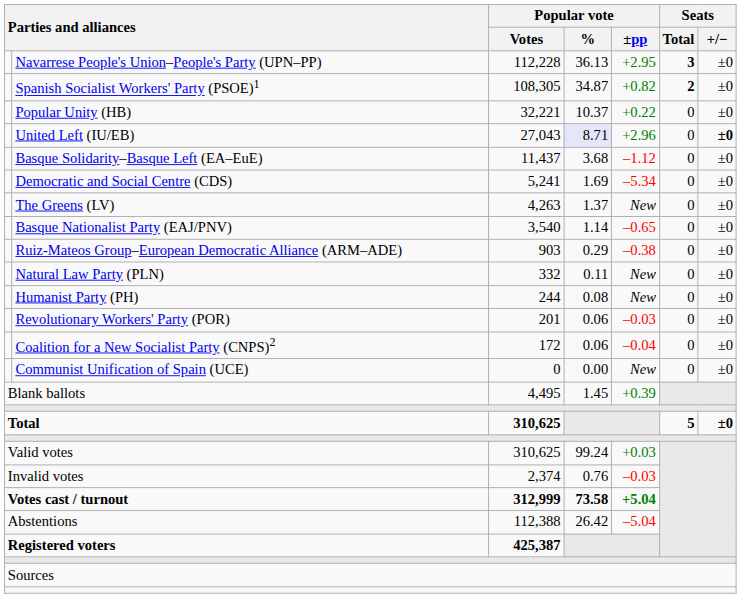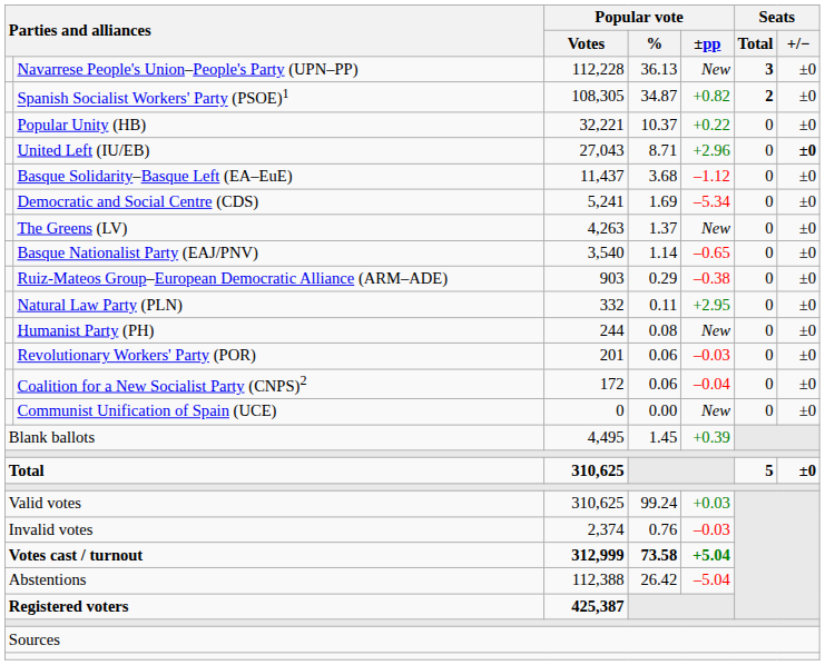 <table class="wikitable" style="text-align:right;">
 <tr>
 <th style="text-align:left;" rowspan="2" colspan="2" width="525">Parties and alliances</th>
 <th colspan="3">Popular vote</th>
 <th colspan="2">Seats</th>
 </tr>
 <tr>
 <th width="75">Votes</th>
 <th width="45">%</th>
 <th width="45">±<a href='#'>pp</a></th>
 <th width="35">Total</th>
 <th width="35">+/−</th>
 </tr>
 <tr>
 <td width="1" style="color:inherit;background:"></td>
 <td align="left"><a href='#'>Navarrese People's Union</a>–<a href='#'>People's Party</a> (UPN–PP)</td>
 <td>112,228</td>
 <td>36.13</td>
-<td style="color:green;">+2.95</td>
+<td><em>New</em></td>
 <td><strong>3</strong></td>
 <td>±0</td>
 </tr>
 <tr>
 <td style="color:inherit;background:"></td>
 <td align="left"><a href='#'>Spanish Socialist Workers' Party</a> (PSOE)<sup>1</sup></td>
 <td>108,305</td>
 <td>34.87</td>
 <td style="color:green;">+0.82</td>
 <td><strong>2</strong></td>
 <td>±0</td>
 </tr>
 <tr>
 <td style="color:inherit;background:"></td>
 <td align="left"><a href='#'>Popular Unity</a> (HB)</td>
 <td>32,221</td>
 <td>10.37</td>
 <td style="color:green;">+0.22</td>
 <td>0</td>
 <td>±0</td>
 </tr>
 <tr>
 <td style="color:inherit;background:"></td>
 <td align="left"><a href='#'>United Left</a> (IU/EB)</td>
 <td>27,043</td>
-<td style="background: lavender;">8.71</td>
+<td>8.71</td>
 <td style="color:green;">+2.96</td>
 <td>0</td>
 <td><strong>±0</strong></td>
 </tr>
 <tr>
 <td style="color:inherit;background:"></td>
 <td align="left"><a href='#'>Basque Solidarity</a>–<a href='#'>Basque Left</a> (EA–EuE)</td>
 <td>11,437</td>
 <td>3.68</td>
 <td style="color:red;">–1.12</td>
 <td>0</td>
 <td>±0</td>
 </tr>
 <tr>
 <td style="color:inherit;background:"></td>
 <td align="left"><a href='#'>Democratic and Social Centre</a> (CDS)</td>
 <td>5,241</td>
 <td>1.69</td>
 <td style="color:red;">–5.34</td>
 <td>0</td>
 <td>±0</td>
 </tr>
 <tr>
 <td style="color:inherit;background:"></td>
 <td align="left"><a href='#'>The Greens</a> (LV)</td>
 <td>4,263</td>
 <td>1.37</td>
 <td><em>New</em></td>
 <td>0</td>
 <td>±0</td>
 </tr>
 <tr>
 <td style="color:inherit;background:"></td>
 <td align="left"><a href='#'>Basque Nationalist Party</a> (EAJ/PNV)</td>
 <td>3,540</td>
 <td>1.14</td>
 <td style="color:red;">–0.65</td>
 <td>0</td>
 <td>±0</td>
 </tr>
 <tr>
 <td style="color:inherit;background:"></td>
 <td align="left"><a href='#'>Ruiz-Mateos Group</a>–<a href='#'>European Democratic Alliance</a> (ARM–ADE)</td>
 <td>903</td>
 <td>0.29</td>
 <td style="color:red;">–0.38</td>
 <td>0</td>
 <td>±0</td>
 </tr>
 <tr>
 <td style="color:inherit;background:"></td>
 <td align="left"><a href='#'>Natural Law Party</a> (PLN)</td>
 <td>332</td>
 <td>0.11</td>
-<td><em>New</em></td>
+<td style="color:green;">+2.95</td>
 <td>0</td>
 <td>±0</td>
 </tr>
 <tr>
 <td style="color:inherit;background:"></td>
 <td align="left"><a href='#'>Humanist Party</a> (PH)</td>
 <td>244</td>
 <td>0.08</td>
 <td><em>New</em></td>
 <td>0</td>
 <td>±0</td>
 </tr>
 <tr>
 <td style="color:inherit;background:"></td>
 <td align="left"><a href='#'>Revolutionary Workers' Party</a> (POR)</td>
 <td>201</td>
 <td>0.06</td>
 <td style="color:red;">–0.03</td>
 <td>0</td>
 <td>±0</td>
 </tr>
 <tr>
 <td style="color:inherit;background:"></td>
 <td align="left"><a href='#'>Coalition for a New Socialist Party</a> (CNPS)<sup>2</sup></td>
 <td>172</td>
 <td>0.06</td>
 <td style="color:red;">–0.04</td>
 <td>0</td>
 <td>±0</td>
 </tr>
 <tr>
 <td style="color:inherit;background:"></td>
 <td align="left"><a href='#'>Communist Unification of Spain</a> (UCE)</td>
 <td>0</td>
 <td>0.00</td>
 <td><em>New</em></td>
 <td>0</td>
 <td>±0</td>
 </tr>
 <tr>
 <td align="left" colspan="2">Blank ballots</td>
 <td>4,495</td>
 <td>1.45</td>
 <td style="color:green;">+0.39</td>
 <td bgcolor="#E9E9E9" colspan="2"></td>
 </tr>
 <tr>
 <td colspan="7" bgcolor="#E9E9E9"></td>
 </tr>
 <tr style="font-weight:bold;">
 <td align="left" colspan="2">Total</td>
 <td>310,625</td>
 <td bgcolor="#E9E9E9" colspan="2"></td>
 <td>5</td>
 <td>±0</td>
 </tr>
 <tr>
 <td colspan="7" bgcolor="#E9E9E9"></td>
 </tr>
 <tr>
 <td align="left" colspan="2">Valid votes</td>
 <td>310,625</td>
 <td>99.24</td>
 <td style="color:green;">+0.03</td>
 <td bgcolor="#E9E9E9" colspan="2" rowspan="5"></td>
 </tr>
 <tr>
 <td align="left" colspan="2">Invalid votes</td>
 <td>2,374</td>
 <td>0.76</td>
 <td style="color:red;">–0.03</td>
 </tr>
 <tr style="font-weight:bold;">
 <td align="left" colspan="2">Votes cast / turnout</td>
 <td>312,999</td>
 <td>73.58</td>
 <td style="color:green;">+5.04</td>
 </tr>
 <tr>
 <td align="left" colspan="2">Abstentions</td>
 <td>112,388</td>
 <td>26.42</td>
 <td style="color:red;">–5.04</td>
 </tr>
 <tr style="font-weight:bold;">
 <td align="left" colspan="2">Registered voters</td>
 <td>425,387</td>
 <td bgcolor="#E9E9E9" colspan="2"></td>
 </tr>
 <tr>
 <td colspan="7" bgcolor="#E9E9E9"></td>
 </tr>
 <tr>
 <td align="left" colspan="7">Sources</td>
 </tr>
 <tr>
 <td colspan="7" style="text-align:left; max-width:790px;"></td>
 </tr>
 </table>
